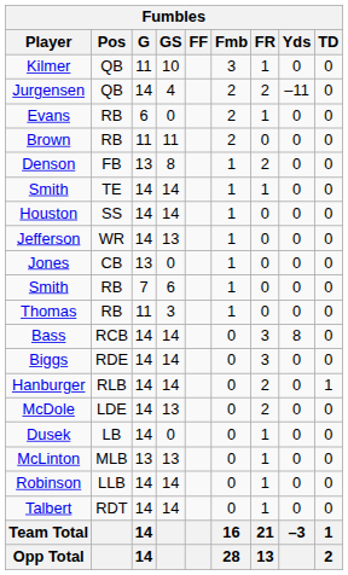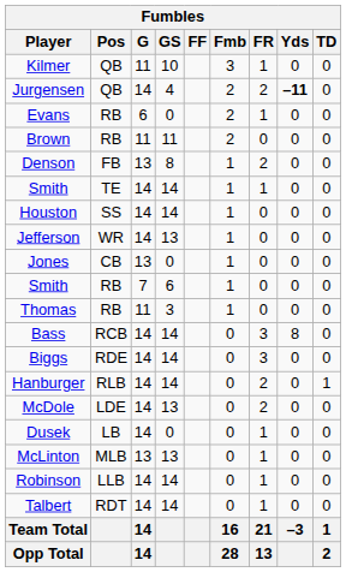 <table class="wikitable" style="text-align:center">
 <tr>
 <th colspan="9">Fumbles</th>
 </tr>
 <tr>
 <th>Player</th>
 <th>Pos</th>
 <th>G</th>
 <th>GS</th>
 <th>FF</th>
 <th>Fmb</th>
 <th>FR</th>
 <th>Yds</th>
 <th>TD</th>
 </tr>
 <tr>
 <td><a href='#'>Kilmer</a></td>
 <td>QB</td>
 <td>11</td>
 <td>10</td>
 <td></td>
 <td>3</td>
 <td>1</td>
 <td>0</td>
 <td>0</td>
 </tr>
 <tr>
 <td><a href='#'>Jurgensen</a></td>
 <td>QB</td>
 <td>14</td>
 <td>4</td>
 <td></td>
 <td>2</td>
 <td>2</td>
-<td>–11</td>
+<td><strong>–11</strong></td>
 <td>0</td>
 </tr>
 <tr>
 <td><a href='#'>Evans</a></td>
 <td>RB</td>
 <td>6</td>
 <td>0</td>
 <td></td>
 <td>2</td>
 <td>1</td>
 <td>0</td>
 <td>0</td>
 </tr>
 <tr>
 <td><a href='#'>Brown</a></td>
 <td>RB</td>
 <td>11</td>
 <td>11</td>
 <td></td>
 <td>2</td>
 <td>0</td>
 <td>0</td>
 <td>0</td>
 </tr>
 <tr>
 <td><a href='#'>Denson</a></td>
 <td>FB</td>
 <td>13</td>
 <td>8</td>
 <td></td>
 <td>1</td>
 <td>2</td>
 <td>0</td>
 <td>0</td>
 </tr>
 <tr>
 <td><a href='#'>Smith</a></td>
 <td>TE</td>
 <td>14</td>
 <td>14</td>
 <td></td>
 <td>1</td>
 <td>1</td>
 <td>0</td>
 <td>0</td>
 </tr>
 <tr>
 <td><a href='#'>Houston</a></td>
 <td>SS</td>
 <td>14</td>
 <td>14</td>
 <td></td>
 <td>1</td>
 <td>0</td>
 <td>0</td>
 <td>0</td>
 </tr>
 <tr>
 <td><a href='#'>Jefferson</a></td>
 <td>WR</td>
 <td>14</td>
 <td>13</td>
 <td></td>
 <td>1</td>
 <td>0</td>
 <td>0</td>
 <td>0</td>
 </tr>
 <tr>
 <td><a href='#'>Jones</a></td>
 <td>CB</td>
 <td>13</td>
 <td>0</td>
 <td></td>
 <td>1</td>
 <td>0</td>
 <td>0</td>
 <td>0</td>
 </tr>
 <tr>
 <td><a href='#'>Smith</a></td>
 <td>RB</td>
 <td>7</td>
 <td>6</td>
 <td></td>
 <td>1</td>
 <td>0</td>
 <td>0</td>
 <td>0</td>
 </tr>
 <tr>
 <td><a href='#'>Thomas</a></td>
 <td>RB</td>
 <td>11</td>
 <td>3</td>
 <td></td>
 <td>1</td>
 <td>0</td>
 <td>0</td>
 <td>0</td>
 </tr>
 <tr>
 <td><a href='#'>Bass</a></td>
 <td>RCB</td>
 <td>14</td>
 <td>14</td>
 <td></td>
 <td>0</td>
 <td>3</td>
 <td>8</td>
 <td>0</td>
 </tr>
 <tr>
 <td><a href='#'>Biggs</a></td>
 <td>RDE</td>
 <td>14</td>
 <td>14</td>
 <td></td>
 <td>0</td>
 <td>3</td>
 <td>0</td>
 <td>0</td>
 </tr>
 <tr>
 <td><a href='#'>Hanburger</a></td>
 <td>RLB</td>
 <td>14</td>
 <td>14</td>
 <td></td>
 <td>0</td>
 <td>2</td>
 <td>0</td>
 <td>1</td>
 </tr>
 <tr>
 <td><a href='#'>McDole</a></td>
 <td>LDE</td>
 <td>14</td>
 <td>13</td>
 <td></td>
 <td>0</td>
 <td>2</td>
 <td>0</td>
 <td>0</td>
 </tr>
 <tr>
 <td><a href='#'>Dusek</a></td>
 <td>LB</td>
 <td>14</td>
 <td>0</td>
 <td></td>
 <td>0</td>
 <td>1</td>
 <td>0</td>
 <td>0</td>
 </tr>
 <tr>
 <td><a href='#'>McLinton</a></td>
 <td>MLB</td>
 <td>13</td>
 <td>13</td>
 <td></td>
 <td>0</td>
 <td>1</td>
 <td>0</td>
 <td>0</td>
 </tr>
 <tr>
 <td><a href='#'>Robinson</a></td>
 <td>LLB</td>
 <td>14</td>
 <td>14</td>
 <td></td>
 <td>0</td>
 <td>1</td>
 <td>0</td>
 <td>0</td>
 </tr>
 <tr>
 <td><a href='#'>Talbert</a></td>
 <td>RDT</td>
 <td>14</td>
 <td>14</td>
 <td></td>
 <td>0</td>
 <td>1</td>
 <td>0</td>
 <td>0</td>
 </tr>
 <tr>
 <th>Team Total</th>
 <th></th>
 <th>14</th>
 <th></th>
 <th></th>
 <th>16</th>
 <th>21</th>
 <th>–3</th>
 <th>1</th>
 </tr>
 <tr>
 <th>Opp Total</th>
 <th></th>
 <th>14</th>
 <th></th>
 <th></th>
 <th>28</th>
 <th>13</th>
 <th></th>
 <th>2</th>
 </tr>
 </table>
